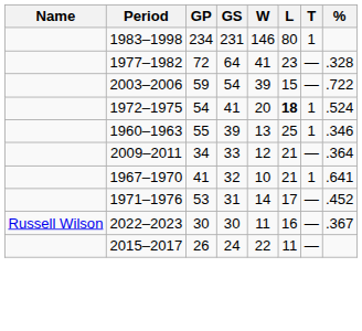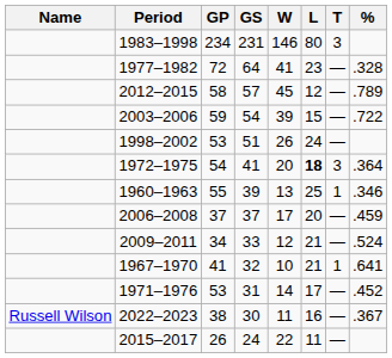 <table class="wikitable sortable" style="text-align:center">
 <tr>
 <th scope="col">Name</th>
 <th scope="col">Period</th>
 <th scope="col">GP</th>
 <th scope="col">GS</th>
 <th scope="col">W</th>
 <th scope="col">L</th>
 <th scope="col">T</th>
 <th scope="col">%</th>
 </tr>
 <tr>
 <td></td>
 <td>1983–1998</td>
 <td>234</td>
 <td>231</td>
 <td>146</td>
 <td>80</td>
-<td>1</td>
+<td>3</td>
 <td></td>
 </tr>
 <tr>
 <td></td>
 <td>1977–1982</td>
 <td>72</td>
 <td>64</td>
 <td>41</td>
 <td>23</td>
 <td>—</td>
 <td>.328</td>
 </tr>
 <tr>
 <td></td>
+<td>2012–2015</td>
+<td>58</td>
+<td>57</td>
+<td>45</td>
+<td>12</td>
+<td>—</td>
+<td>.789</td>
+</tr>
+<tr>
+<td></td>
 <td>2003–2006</td>
 <td>59</td>
 <td>54</td>
 <td>39</td>
 <td>15</td>
 <td>—</td>
 <td>.722</td>
 </tr>
 <tr>
 <td></td>
+<td>1998–2002</td>
+<td>53</td>
+<td>51</td>
+<td>26</td>
+<td>24</td>
+<td>—</td>
+<td></td>
+</tr>
+<tr>
+<td></td>
 <td>1972–1975</td>
 <td>54</td>
 <td>41</td>
 <td>20</td>
 <td><strong>18</strong></td>
-<td>1</td>
-<td>.524</td>
+<td>3</td>
+<td>.364</td>
 </tr>
 <tr>
 <td></td>
 <td>1960–1963</td>
 <td>55</td>
 <td>39</td>
 <td>13</td>
 <td>25</td>
 <td>1</td>
 <td>.346</td>
 </tr>
 <tr>
 <td></td>
+<td>2006–2008</td>
+<td>37</td>
+<td>37</td>
+<td>17</td>
+<td>20</td>
+<td>—</td>
+<td>.459</td>
+</tr>
+<tr>
+<td></td>
 <td>2009–2011</td>
 <td>34</td>
 <td>33</td>
 <td>12</td>
 <td>21</td>
 <td>—</td>
-<td>.364</td>
+<td>.524</td>
 </tr>
 <tr>
 <td></td>
 <td>1967–1970</td>
 <td>41</td>
 <td>32</td>
 <td>10</td>
 <td>21</td>
 <td>1</td>
 <td>.641</td>
 </tr>
 <tr>
 <td></td>
 <td>1971–1976</td>
 <td>53</td>
 <td>31</td>
 <td>14</td>
 <td>17</td>
 <td>—</td>
 <td>.452</td>
 </tr>
 <tr>
 <td><a href='#'>Russell Wilson</a></td>
 <td>2022–2023</td>
-<td>30</td>
+<td>38</td>
 <td>30</td>
 <td>11</td>
 <td>16</td>
 <td>—</td>
 <td>.367</td>
 </tr>
 <tr>
 <td></td>
 <td>2015–2017</td>
 <td>26</td>
 <td>24</td>
 <td>22</td>
 <td>11</td>
 <td>—</td>
 <td></td>
 </tr>
 </table>
